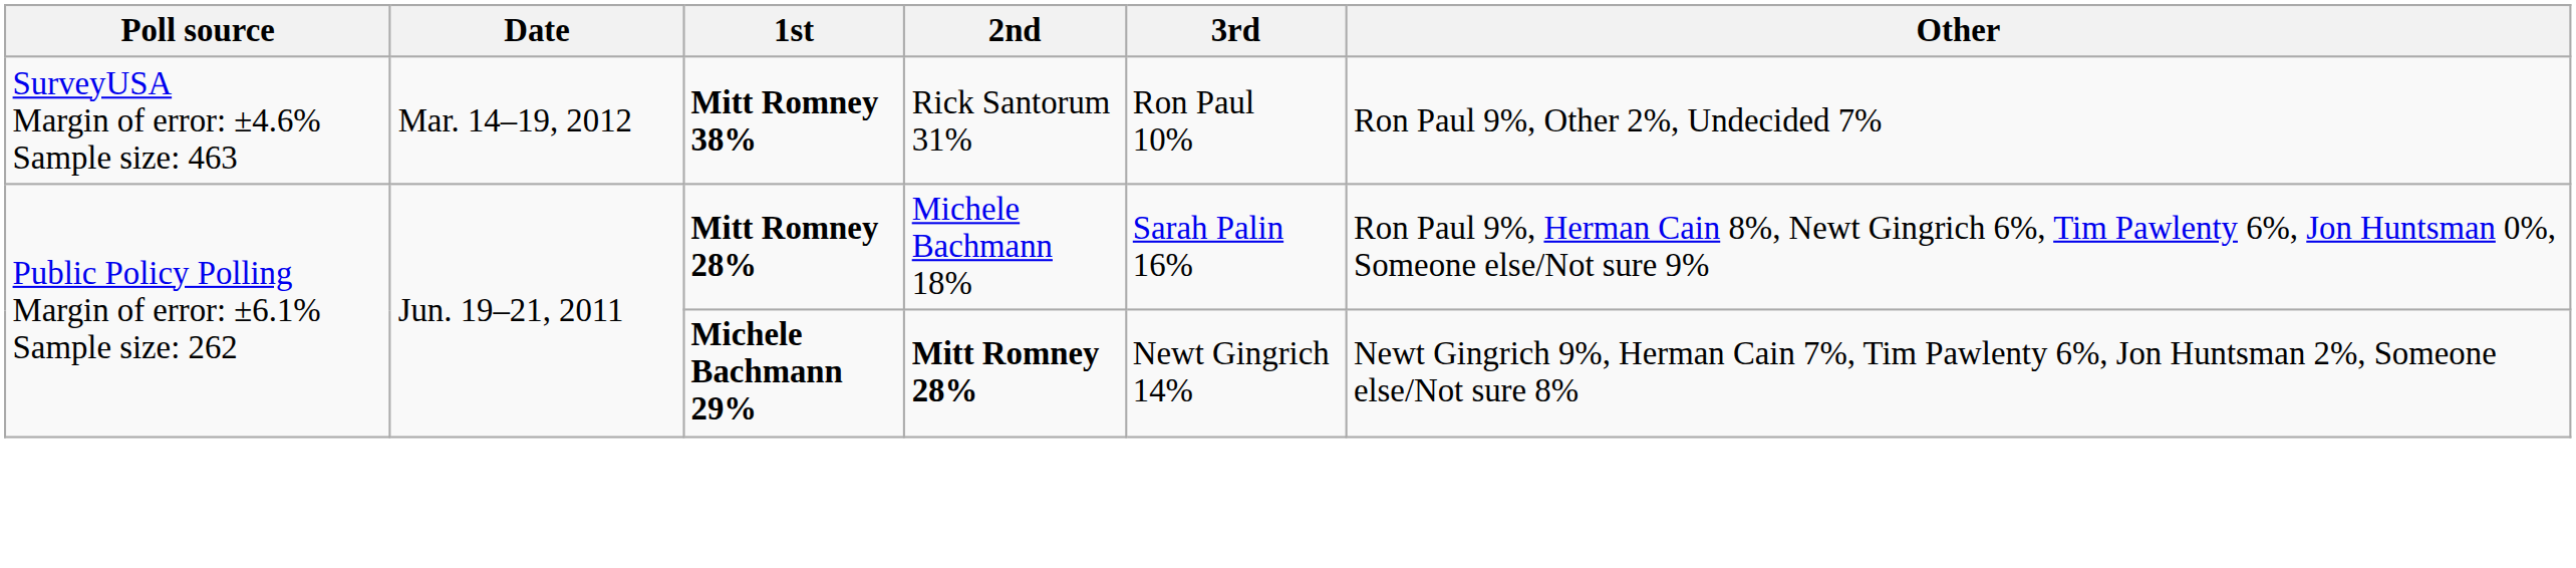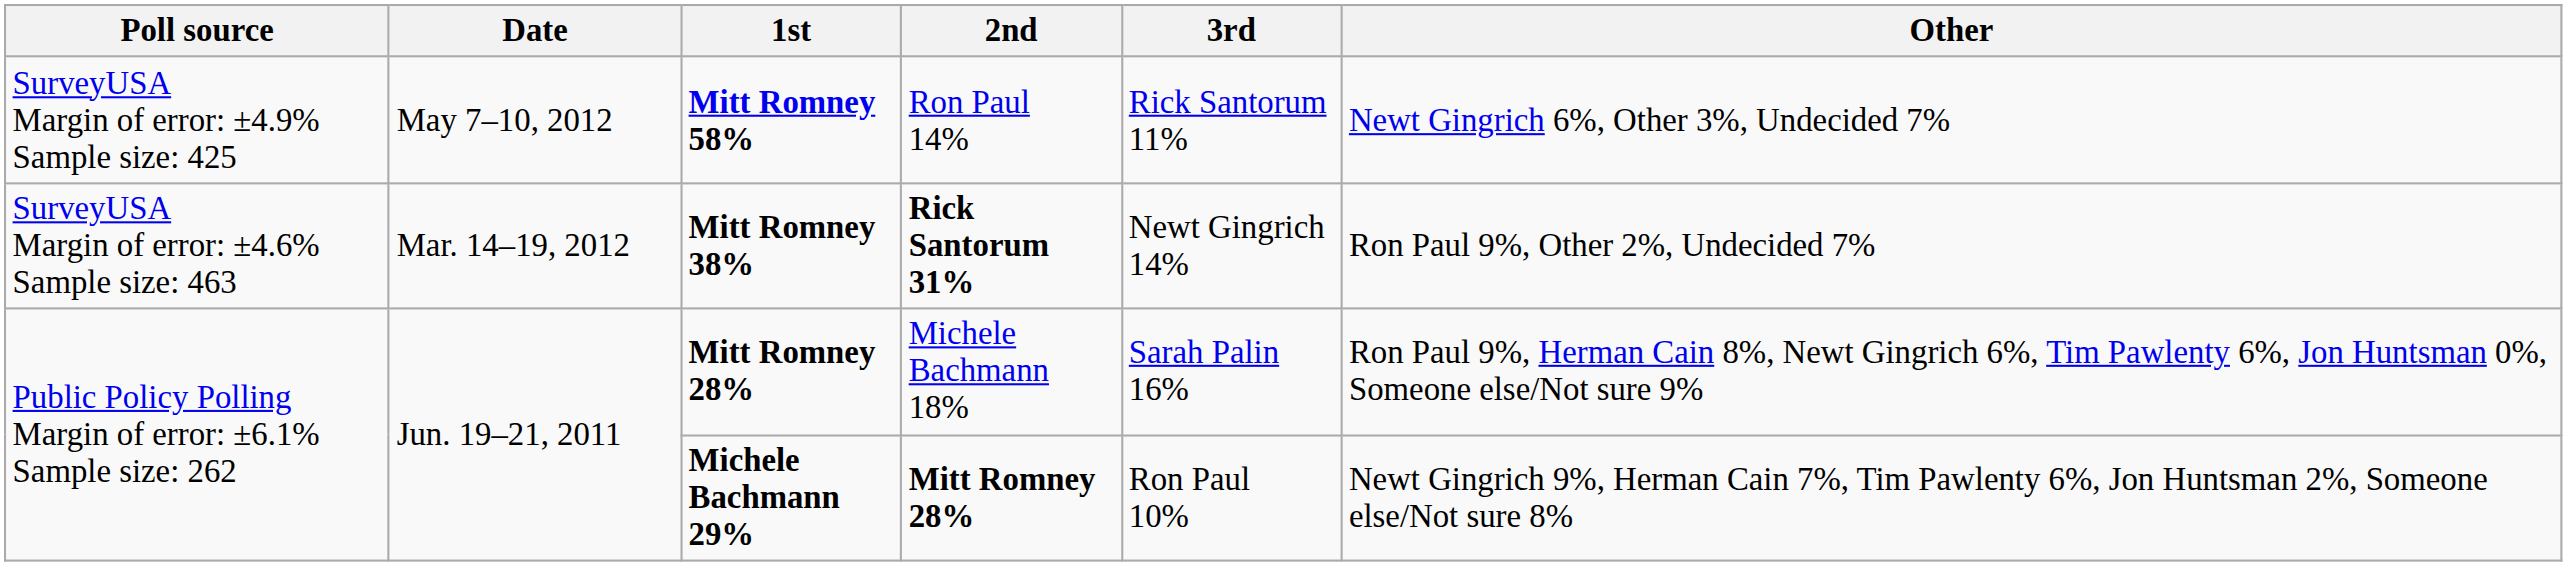 <table class="wikitable">
 <tr>
 <th style="width:180px;">Poll source</th>
 <th style="width:135px;">Date</th>
 <th style="width:100px;">1st</th>
 <th style="width:100px;">2nd</th>
 <th style="width:100px;">3rd</th>
 <th>Other</th>
 </tr>
 <tr>
+<td><a href='#'>SurveyUSA</a><br>Margin of error: ±4.9% <br>Sample size: 425</td>
+<td>May 7–10, 2012</td>
+<td><strong><a href='#'>Mitt Romney</a><br> 58%</strong></td>
+<td><a href='#'>Ron Paul</a><br> 14%</td>
+<td><a href='#'>Rick Santorum</a><br> 11%</td>
+<td><a href='#'>Newt Gingrich</a> 6%, Other 3%, Undecided 7%</td>
+</tr>
+<tr>
 <td><a href='#'>SurveyUSA</a><br>Margin of error: ±4.6% <br>Sample size: 463</td>
 <td>Mar. 14–19, 2012</td>
 <td><strong>Mitt Romney<br> 38%</strong></td>
-<td>Rick Santorum<br> 31%</td>
-<td>Ron Paul<br> 10%</td>
+<td><strong>Rick Santorum<br> 31%</strong></td>
+<td>Newt Gingrich<br> 14%</td>
 <td>Ron Paul 9%, Other 2%, Undecided 7%</td>
 </tr>
 <tr>
 <td rowspan=2><a href='#'>Public Policy Polling</a><br>Margin of error: ±6.1% <br>Sample size: 262</td>
 <td rowspan=2>Jun. 19–21, 2011</td>
 <td><strong>Mitt Romney<br> 28%</strong></td>
 <td><a href='#'>Michele Bachmann</a><br> 18%</td>
 <td><a href='#'>Sarah Palin</a><br> 16%</td>
 <td>Ron Paul 9%, <a href='#'>Herman Cain</a> 8%, Newt Gingrich 6%, <a href='#'>Tim Pawlenty</a> 6%, <a href='#'>Jon Huntsman</a> 0%, Someone else/Not sure 9%</td>
 </tr>
 <tr>
 <td><strong>Michele Bachmann<br> 29%</strong></td>
 <td><strong>Mitt Romney<br> 28%</strong></td>
-<td>Newt Gingrich<br> 14%</td>
+<td>Ron Paul<br> 10%</td>
 <td>Newt Gingrich 9%, Herman Cain 7%, Tim Pawlenty 6%, Jon Huntsman 2%, Someone else/Not sure 8%</td>
 </tr>
 </table>
